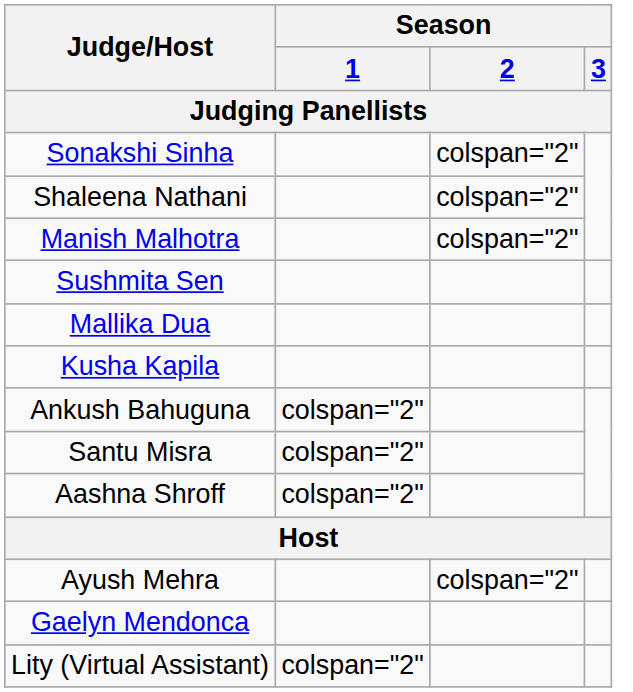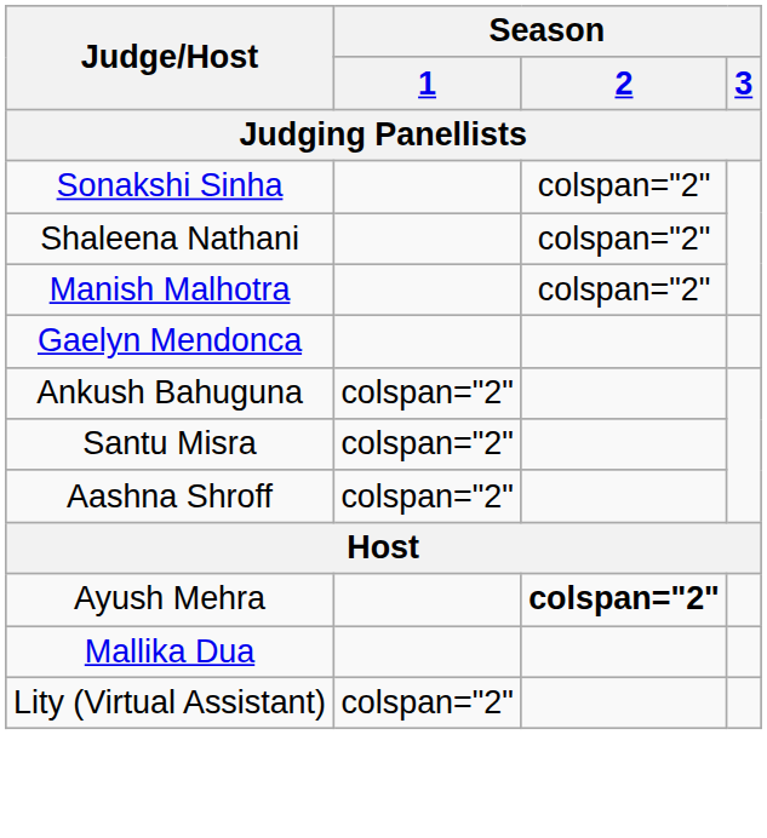 <table class="wikitable" style=" text-align:center; width:auto;">
 <tr>
 <th rowspan="2" scope="col">Judge/Host</th>
 <th colspan="3">Season</th>
 </tr>
 <tr>
 <th><a href='#'>1</a></th>
 <th><a href='#'>2</a></th>
 <th><a href='#'>3</a></th>
 </tr>
 <tr>
 <th colspan="4">Judging Panellists</th>
 </tr>
 <tr>
 <td><a href='#'>Sonakshi Sinha</a></td>
 <td></td>
 <td>colspan="2" </td>
 </tr>
 <tr>
 <td>Shaleena Nathani</td>
 <td></td>
 <td>colspan="2" </td>
 </tr>
 <tr>
 <td><a href='#'>Manish Malhotra</a></td>
 <td></td>
 <td>colspan="2" </td>
 </tr>
 <tr>
-<td><a href='#'>Sushmita Sen</a></td>
-<td></td>
-<td></td>
-<td></td>
-</tr>
-<tr>
-<td><a href='#'>Mallika Dua</a></td>
-<td></td>
-<td></td>
-<td></td>
-</tr>
-<tr>
-<td><a href='#'>Kusha Kapila</a></td>
+<td><a href='#'>Gaelyn Mendonca</a></td>
 <td></td>
 <td></td>
 <td></td>
 </tr>
 <tr>
 <td>Ankush Bahuguna</td>
 <td>colspan="2" </td>
 <td></td>
 </tr>
 <tr>
 <td>Santu Misra</td>
 <td>colspan="2" </td>
 <td></td>
 </tr>
 <tr>
 <td>Aashna Shroff</td>
 <td>colspan="2" </td>
 <td></td>
 </tr>
 <tr>
 <th colspan="4">Host</th>
 </tr>
 <tr>
 <td>Ayush Mehra</td>
 <td></td>
-<td>colspan="2" </td>
+<td><strong>colspan="2" </strong></td>
 </tr>
 <tr>
-<td><a href='#'>Gaelyn Mendonca</a></td>
+<td><a href='#'>Mallika Dua</a></td>
 <td></td>
 <td></td>
 <td></td>
 </tr>
 <tr>
 <td>Lity (Virtual Assistant)</td>
 <td>colspan="2" </td>
 <td></td>
 </tr>
 </table>
